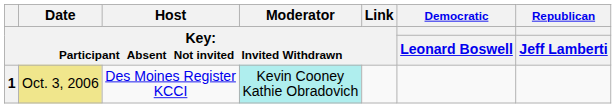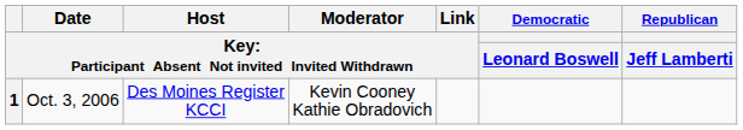 <table class="wikitable" style="text-align:center;">
 <tr>
 <th scope="col"></th>
 <th scope="col">Date</th>
 <th scope="col">Host</th>
 <th scope="col">Moderator</th>
 <th scope="col">Link</th>
 <th scope="col"><small><a href='#'>Democratic</a></small></th>
 <th scope="col"><small><a href='#'>Republican</a></small></th>
 </tr>
 <tr>
 <th colspan="5" rowspan="2">Key:<br> <small>Participant </small>  <small>Absent </small>  <small>Not invited </small>  <small>Invited  Withdrawn</small></th>
 <th scope="col" style="background:"></th>
 <th scope="col" style="background:"></th>
 </tr>
 <tr>
 <th scope="col"><a href='#'>Leonard Boswell</a></th>
 <th scope="col"><a href='#'>Jeff Lamberti</a></th>
 </tr>
 <tr>
 <th>1</th>
-<td style="background: khaki; white-space:nowrap;">Oct. 3, 2006</td>
+<td style="white-space:nowrap;">Oct. 3, 2006</td>
 <td style="white-space:nowrap;"><a href='#'>Des Moines Register</a><br><a href='#'>KCCI</a></td>
-<td style="background: paleturquoise; white-space:nowrap;">Kevin Cooney<br>Kathie Obradovich</td>
+<td style="white-space:nowrap;">Kevin Cooney<br>Kathie Obradovich</td>
 <td style="white-space:nowrap;"></td>
 <td></td>
 <td></td>
 </tr>
 </table>
